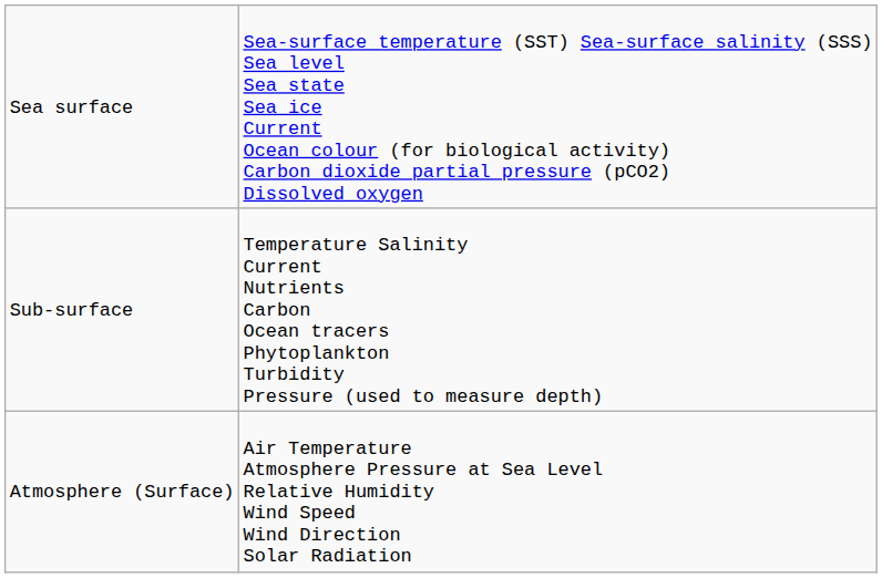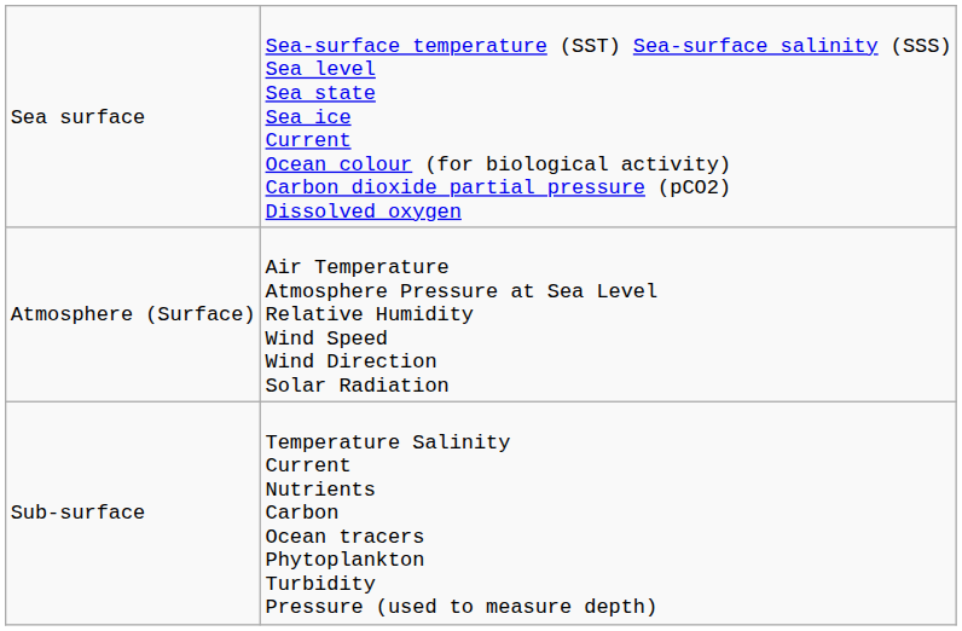 <table class="wikitable">
 <tr>
 <td>Sea surface</td>
 <td><br><a href='#'>Sea-surface temperature</a> (SST) <a href='#'>Sea-surface salinity</a> (SSS) <br><a href='#'>Sea level</a> <br><a href='#'>Sea state</a> <br><a href='#'>Sea ice</a> <br><a href='#'>Current</a> <br><a href='#'>Ocean colour</a> (for biological activity) <br><a href='#'>Carbon dioxide partial pressure</a> (pCO2) <br><a href='#'>Dissolved oxygen</a></td>
 </tr>
 <tr>
+<td>Atmosphere (Surface)</td>
+<td><br>Air Temperature <br>Atmosphere Pressure at Sea Level <br>Relative Humidity <br>Wind Speed <br>Wind Direction <br>Solar Radiation</td>
+</tr>
+<tr>
 <td>Sub-surface</td>
 <td><br>Temperature Salinity <br>Current <br>Nutrients <br>Carbon <br>Ocean tracers <br>Phytoplankton <br>Turbidity <br>Pressure (used to measure depth)</td>
 </tr>
-<tr>
-<td>Atmosphere (Surface)</td>
-<td><br>Air Temperature <br>Atmosphere Pressure at Sea Level <br>Relative Humidity <br>Wind Speed <br>Wind Direction <br>Solar Radiation</td>
-</tr>
 </table>
